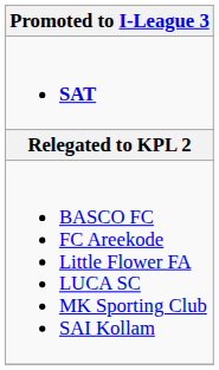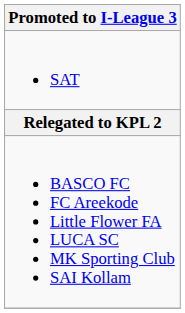 <table class="wikitable">
 <tr>
 <th> Promoted to <a href='#'>I-League 3</a></th>
 </tr>
 <tr>
-<td><strong><br><ul><li><a href='#'>SAT</a></li></ul></strong></td>
+<td><br><ul><li><a href='#'>SAT</a></li></ul></td>
 </tr>
 <tr>
 <th> Relegated to KPL 2</th>
 </tr>
 <tr>
 <td><br><ul><li><a href='#'>BASCO FC</a></li><li><a href='#'>FC Areekode</a></li><li><a href='#'>Little Flower FA</a></li><li><a href='#'>LUCA SC</a></li><li><a href='#'>MK Sporting Club</a></li><li><a href='#'>SAI Kollam</a></li></ul></td>
 </tr>
 <tr>
 </tr>
 </table>
